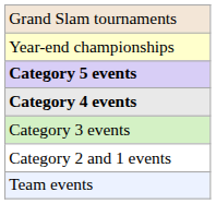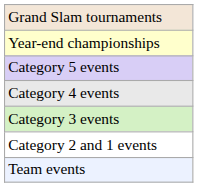 <table class=wikitable style=font-size:90%;width:14%>
 <tr style="background:#F3E6D7;">
 <td>Grand Slam tournaments</td>
 </tr>
 <tr style="background:#ffc;">
 <td>Year-end championships</td>
 </tr>
 <tr style="background:#d8cef6;">
-<td><strong>Category 5 events</strong></td>
+<td>Category 5 events</td>
 </tr>
 <tr style="background:#E9E9E9;">
-<td><strong>Category 4 events</strong></td>
+<td>Category 4 events</td>
 </tr>
 <tr style="background:#D4F1C5;">
 <td>Category 3 events</td>
 </tr>
 <tr style="background:#fff;">
 <td>Category 2 and 1 events</td>
 </tr>
 <tr style="background:#ECF2FF;">
 <td>Team events</td>
 </tr>
 </table>
